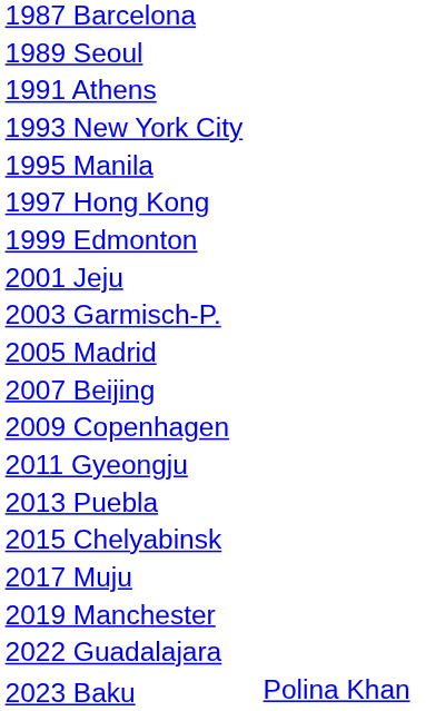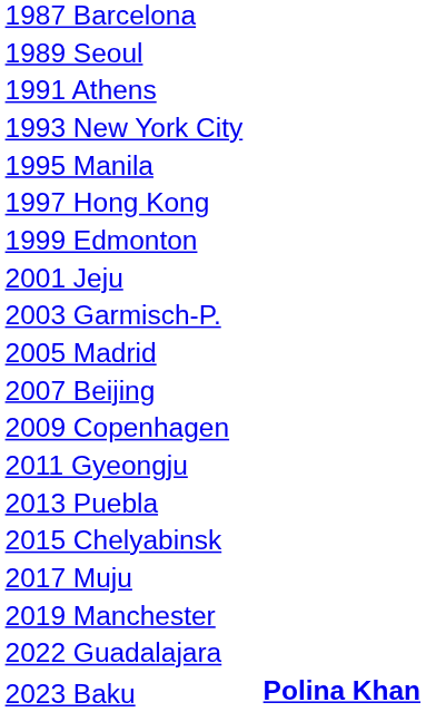 <table>
 <tr>
 <td rowspan=2><a href='#'>1987 Barcelona</a></td>
 <td rowspan=2></td>
 <td rowspan=2></td>
 <td></td>
 </tr>
 <tr>
 <td></td>
 </tr>
 <tr>
 <td rowspan=2><a href='#'>1989 Seoul</a></td>
 <td rowspan=2></td>
 <td rowspan=2></td>
 <td></td>
 </tr>
 <tr>
 <td></td>
 </tr>
 <tr>
 <td rowspan=2><a href='#'>1991 Athens</a></td>
 <td rowspan=2></td>
 <td rowspan=2></td>
 <td></td>
 </tr>
 <tr>
 <td></td>
 </tr>
 <tr>
 <td rowspan=2><a href='#'>1993 New York City</a></td>
 <td rowspan=2></td>
 <td rowspan=2></td>
 <td></td>
 </tr>
 <tr>
 <td></td>
 </tr>
 <tr>
 <td rowspan=2><a href='#'>1995 Manila</a></td>
 <td rowspan=2></td>
 <td rowspan=2></td>
 <td></td>
 </tr>
 <tr>
 <td></td>
 </tr>
 <tr>
 <td rowspan=2><a href='#'>1997 Hong Kong</a></td>
 <td rowspan=2></td>
 <td rowspan=2></td>
 <td></td>
 </tr>
 <tr>
 <td></td>
 </tr>
 <tr>
 <td rowspan=2><a href='#'>1999 Edmonton</a></td>
 <td rowspan=2></td>
 <td rowspan=2></td>
 <td></td>
 </tr>
 <tr>
 <td></td>
 </tr>
 <tr>
 <td rowspan=2><a href='#'>2001 Jeju</a></td>
 <td rowspan=2></td>
 <td rowspan=2></td>
 <td></td>
 </tr>
 <tr>
 <td></td>
 </tr>
 <tr>
 <td rowspan=2><a href='#'>2003 Garmisch-P.</a></td>
 <td rowspan=2></td>
 <td rowspan=2></td>
 <td></td>
 </tr>
 <tr>
 <td></td>
 </tr>
 <tr>
 <td rowspan=2><a href='#'>2005 Madrid</a></td>
 <td rowspan=2></td>
 <td rowspan=2></td>
 <td></td>
 </tr>
 <tr>
 <td></td>
 </tr>
 <tr>
 <td rowspan=2><a href='#'>2007 Beijing</a></td>
 <td rowspan=2></td>
 <td rowspan=2></td>
 <td></td>
 </tr>
 <tr>
 <td></td>
 </tr>
 <tr>
 <td rowspan=2><a href='#'>2009 Copenhagen</a></td>
 <td rowspan=2></td>
 <td rowspan=2></td>
 <td></td>
 </tr>
 <tr>
 <td></td>
 </tr>
 <tr>
 <td rowspan=2><a href='#'>2011 Gyeongju</a></td>
 <td rowspan=2></td>
 <td rowspan=2></td>
 <td></td>
 </tr>
 <tr>
 <td></td>
 </tr>
 <tr>
 <td rowspan=2><a href='#'>2013 Puebla</a></td>
 <td rowspan=2></td>
 <td rowspan=2></td>
 <td></td>
 </tr>
 <tr>
 <td></td>
 </tr>
 <tr>
 <td rowspan=2><a href='#'>2015 Chelyabinsk</a></td>
 <td rowspan=2></td>
 <td rowspan=2></td>
 <td></td>
 </tr>
 <tr>
 <td></td>
 </tr>
 <tr>
 <td rowspan=2><a href='#'>2017 Muju</a></td>
 <td rowspan=2></td>
 <td rowspan=2></td>
 <td></td>
 </tr>
 <tr>
 <td></td>
 </tr>
 <tr>
 <td rowspan=2><a href='#'>2019 Manchester</a></td>
 <td rowspan=2></td>
 <td rowspan=2></td>
 <td></td>
 </tr>
 <tr>
 <td></td>
 </tr>
 <tr>
 <td rowspan=2><a href='#'>2022 Guadalajara</a></td>
 <td rowspan=2></td>
 <td rowspan=2></td>
 <td></td>
 </tr>
 <tr>
 <td></td>
 </tr>
 <tr>
 <td rowspan=2><a href='#'>2023 Baku</a></td>
 <td rowspan=2></td>
 <td rowspan=2></td>
-<td> <a href='#'>Polina Khan</a> </td>
+<td><strong> <a href='#'>Polina Khan</a> </strong></td>
 </tr>
 <tr>
 <td></td>
 </tr>
 </table>
